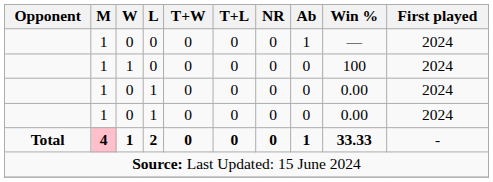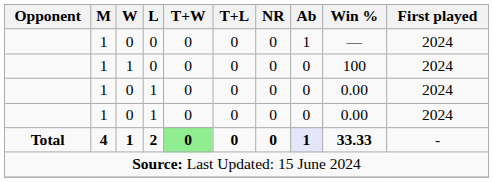 <table class="wikitable" style="text-align: center; width: 500px;">
 <tr>
 <th>Opponent</th>
 <th>M</th>
 <th>W</th>
 <th>L</th>
 <th>T+W</th>
 <th>T+L</th>
 <th>NR</th>
 <th>Ab</th>
 <th>Win %</th>
 <th>First played</th>
 </tr>
 <tr>
 <td align="left"></td>
 <td>1</td>
 <td>0</td>
 <td>0</td>
 <td>0</td>
 <td>0</td>
 <td>0</td>
 <td>1</td>
 <td>—</td>
 <td>2024</td>
 </tr>
 <tr>
 <td align="left"></td>
 <td>1</td>
 <td>1</td>
 <td>0</td>
 <td>0</td>
 <td>0</td>
 <td>0</td>
 <td>0</td>
 <td>100</td>
 <td>2024</td>
 </tr>
 <tr>
 <td align="left"></td>
 <td>1</td>
 <td>0</td>
 <td>1</td>
 <td>0</td>
 <td>0</td>
 <td>0</td>
 <td>0</td>
 <td>0.00</td>
 <td>2024</td>
 </tr>
 <tr>
 <td align="left"></td>
 <td>1</td>
 <td>0</td>
 <td>1</td>
 <td>0</td>
 <td>0</td>
 <td>0</td>
 <td>0</td>
 <td>0.00</td>
 <td>2024</td>
 </tr>
 <tr>
 <td><strong>Total</strong></td>
-<td style="background: pink;"><strong>4</strong></td>
+<td><strong>4</strong></td>
 <td><strong>1</strong></td>
 <td><strong>2</strong></td>
+<td style="background: lightgreen;"><strong>0</strong></td>
 <td><strong>0</strong></td>
 <td><strong>0</strong></td>
-<td><strong>0</strong></td>
-<td><strong>1</strong></td>
+<td style="background: lavender;"><strong>1</strong></td>
 <td><strong>33.33</strong></td>
 <td>-</td>
 </tr>
 <tr>
 <td colspan="10"><strong>Source:</strong> Last Updated: 15 June 2024</td>
 </tr>
 <tr>
 </tr>
 </table>
